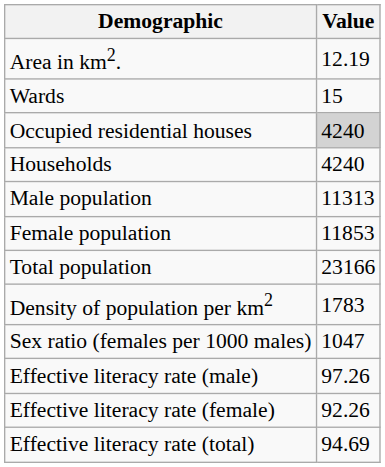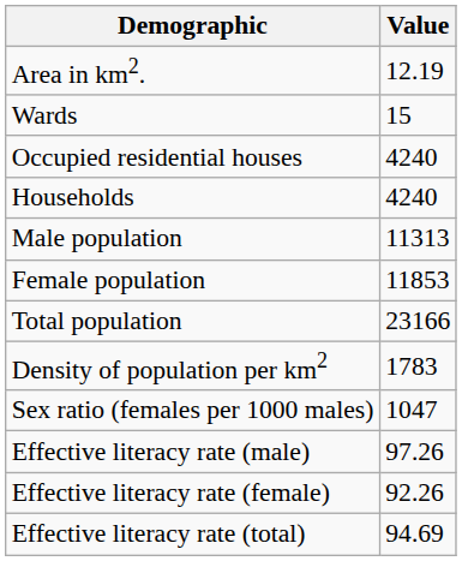 <table class="wikitable">
 <tr>
 <th>Demographic</th>
 <th>Value</th>
 </tr>
 <tr>
 <td>Area in km<sup>2</sup>.</td>
 <td>12.19</td>
 </tr>
 <tr>
 <td>Wards</td>
 <td>15</td>
 </tr>
 <tr>
 <td>Occupied residential houses</td>
-<td style="background: lightgrey;">4240</td>
+<td>4240</td>
 </tr>
 <tr>
 <td>Households</td>
 <td>4240</td>
 </tr>
 <tr>
 <td>Male population</td>
 <td>11313</td>
 </tr>
 <tr>
 <td>Female population</td>
 <td>11853</td>
 </tr>
 <tr>
 <td>Total population</td>
 <td>23166</td>
 </tr>
 <tr>
 <td>Density of population per km<sup>2</sup></td>
 <td>1783</td>
 </tr>
 <tr>
 <td>Sex ratio (females per 1000 males)</td>
 <td>1047</td>
 </tr>
 <tr>
 <td>Effective literacy rate (male)</td>
 <td>97.26</td>
 </tr>
 <tr>
 <td>Effective literacy rate (female)</td>
 <td>92.26</td>
 </tr>
 <tr>
 <td>Effective literacy rate (total)</td>
 <td>94.69</td>
 </tr>
 </table>
